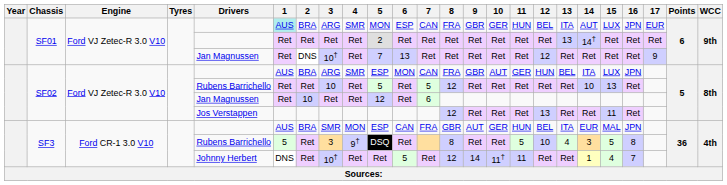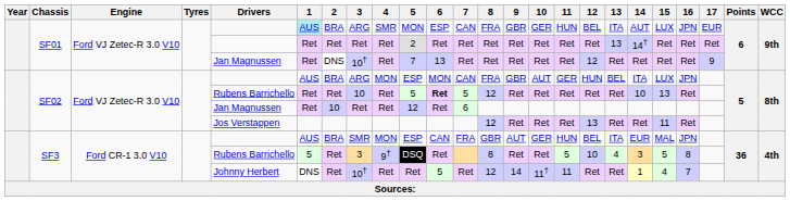 <table class="wikitable" style="text-align:center; font-size:85%">
 <tr>
 <th>Year</th>
 <th>Chassis</th>
 <th>Engine</th>
 <th>Tyres</th>
 <th>Drivers</th>
 <th>1</th>
 <th>2</th>
 <th>3</th>
 <th>4</th>
 <th>5</th>
 <th>6</th>
 <th>7</th>
 <th>8</th>
 <th>9</th>
 <th>10</th>
 <th>11</th>
 <th>12</th>
 <th>13</th>
 <th>14</th>
 <th>15</th>
 <th>16</th>
 <th>17</th>
 <th>Points</th>
 <th>WCC</th>
 </tr>
 <tr>
 <th rowspan="3"></th>
 <td rowspan="3"><a href='#'>SF01</a></td>
 <td rowspan="3"><a href='#'>Ford</a> VJ Zetec-R 3.0 <a href='#'>V10</a></td>
 <td rowspan="3"></td>
 <td></td>
 <td style="background: paleturquoise;"><a href='#'>AUS</a></td>
 <td><a href='#'>BRA</a></td>
 <td><a href='#'>ARG</a></td>
 <td><a href='#'>SMR</a></td>
 <td><a href='#'>MON</a></td>
 <td><a href='#'>ESP</a></td>
 <td><a href='#'>CAN</a></td>
 <td><a href='#'>FRA</a></td>
 <td><a href='#'>GBR</a></td>
 <td><a href='#'>GER</a></td>
 <td><a href='#'>HUN</a></td>
 <td><a href='#'>BEL</a></td>
 <td><a href='#'>ITA</a></td>
 <td><a href='#'>AUT</a></td>
 <td><a href='#'>LUX</a></td>
 <td><a href='#'>JPN</a></td>
 <td><a href='#'>EUR</a></td>
 <th rowspan="3">6</th>
 <th rowspan="3">9th</th>
 </tr>
 <tr>
 <td align="left"></td>
 <td style="background:#EFCFFF;">Ret</td>
 <td style="background:#EFCFFF;">Ret</td>
 <td style="background:#EFCFFF;">Ret</td>
 <td style="background:#EFCFFF;">Ret</td>
 <td style="background:#DFDFDF;">2</td>
 <td style="background:#EFCFFF;">Ret</td>
 <td style="background:#EFCFFF;">Ret</td>
 <td style="background:#EFCFFF;">Ret</td>
 <td style="background:#EFCFFF;">Ret</td>
 <td style="background:#EFCFFF;">Ret</td>
 <td style="background:#EFCFFF;">Ret</td>
 <td style="background:#EFCFFF;">Ret</td>
 <td style="background:#CFCFFF;">13</td>
 <td style="background:#CFCFFF;">14<sup>†</sup></td>
 <td style="background:#EFCFFF;">Ret</td>
 <td style="background:#EFCFFF;">Ret</td>
 <td style="background:#EFCFFF;">Ret</td>
 </tr>
 <tr>
 <td align="left"> <a href='#'>Jan Magnussen</a></td>
 <td style="background:#EFCFFF;">Ret</td>
 <td style="background:#FFFFFF;">DNS</td>
 <td style="background:#CFCFFF;">10<sup>†</sup></td>
 <td style="background:#EFCFFF;">Ret</td>
 <td style="background:#CFCFFF;">7</td>
 <td style="background:#CFCFFF;">13</td>
 <td style="background:#EFCFFF;">Ret</td>
 <td style="background:#EFCFFF;">Ret</td>
 <td style="background:#EFCFFF;">Ret</td>
 <td style="background:#EFCFFF;">Ret</td>
 <td style="background:#EFCFFF;">Ret</td>
 <td style="background:#CFCFFF;">12</td>
 <td style="background:#EFCFFF;">Ret</td>
 <td style="background:#EFCFFF;">Ret</td>
 <td style="background:#EFCFFF;">Ret</td>
 <td style="background:#EFCFFF;">Ret</td>
 <td style="background:#CFCFFF;">9</td>
 </tr>
 <tr>
 <th rowspan="4"></th>
 <td rowspan="4"><a href='#'>SF02</a></td>
 <td rowspan="4"><a href='#'>Ford</a> VJ Zetec-R 3.0 <a href='#'>V10</a></td>
 <td rowspan="4"></td>
 <td></td>
 <td><a href='#'>AUS</a></td>
 <td><a href='#'>BRA</a></td>
 <td><a href='#'>ARG</a></td>
-<td><a href='#'>SMR</a></td>
+<td><a href='#'>MON</a></td>
 <td><a href='#'>ESP</a></td>
 <td><a href='#'>MON</a></td>
 <td><a href='#'>CAN</a></td>
 <td><a href='#'>FRA</a></td>
 <td><a href='#'>GBR</a></td>
 <td><a href='#'>AUT</a></td>
 <td><a href='#'>GER</a></td>
 <td><a href='#'>HUN</a></td>
 <td><a href='#'>BEL</a></td>
 <td><a href='#'>ITA</a></td>
 <td><a href='#'>LUX</a></td>
 <td><a href='#'>JPN</a></td>
 <td></td>
 <th rowspan="4">5</th>
 <th rowspan="4">8th</th>
 </tr>
 <tr>
 <td align="left"> <a href='#'>Rubens Barrichello</a></td>
 <td style="background:#EFCFFF;">Ret</td>
 <td style="background:#EFCFFF;">Ret</td>
 <td style="background:#CFCFFF;">10</td>
 <td style="background:#EFCFFF;">Ret</td>
 <td style="background:#DFFFDF;">5</td>
-<td style="background:#EFCFFF;">Ret</td>
+<td style="background:#EFCFFF;"><strong>Ret</strong></td>
 <td style="background:#DFFFDF;">5</td>
 <td style="background:#CFCFFF;">12</td>
 <td style="background:#EFCFFF;">Ret</td>
 <td style="background:#EFCFFF;">Ret</td>
 <td style="background:#EFCFFF;">Ret</td>
 <td style="background:#EFCFFF;">Ret</td>
 <td style="background:#EFCFFF;">Ret</td>
 <td style="background:#CFCFFF;">10</td>
 <td style="background:#CFCFFF;">13</td>
 <td style="background:#EFCFFF;">Ret</td>
 <td></td>
 </tr>
 <tr>
 <td align="left"> <a href='#'>Jan Magnussen</a></td>
 <td style="background:#EFCFFF;">Ret</td>
 <td style="background:#CFCFFF;">10</td>
 <td style="background:#EFCFFF;">Ret</td>
 <td style="background:#EFCFFF;">Ret</td>
 <td style="background:#CFCFFF;">12</td>
 <td style="background:#EFCFFF;">Ret</td>
 <td style="background:#DFFFDF;">6</td>
 <td></td>
 <td></td>
 <td></td>
 <td></td>
 <td></td>
 <td></td>
 <td></td>
 <td></td>
 <td></td>
 <td></td>
 </tr>
 <tr>
 <td align="left"> <a href='#'>Jos Verstappen</a></td>
 <td></td>
 <td></td>
 <td></td>
 <td></td>
 <td></td>
 <td></td>
 <td></td>
 <td style="background:#CFCFFF;">12</td>
 <td style="background:#EFCFFF;">Ret</td>
 <td style="background:#EFCFFF;">Ret</td>
 <td style="background:#EFCFFF;">Ret</td>
 <td style="background:#CFCFFF;">13</td>
 <td style="background:#EFCFFF;">Ret</td>
 <td style="background:#EFCFFF;">Ret</td>
 <td style="background:#CFCFFF;">11</td>
 <td style="background:#EFCFFF;">Ret</td>
 <td></td>
 </tr>
 <tr>
 <th rowspan="3"></th>
 <td rowspan="3"><a href='#'>SF3</a></td>
 <td rowspan="3"><a href='#'>Ford</a> CR-1 3.0 <a href='#'>V10</a></td>
 <td rowspan="3"></td>
 <td></td>
 <td><a href='#'>AUS</a></td>
 <td><a href='#'>BRA</a></td>
 <td><a href='#'>SMR</a></td>
 <td><a href='#'>MON</a></td>
 <td><a href='#'>ESP</a></td>
 <td><a href='#'>CAN</a></td>
 <td><a href='#'>FRA</a></td>
 <td><a href='#'>GBR</a></td>
 <td><a href='#'>AUT</a></td>
 <td><a href='#'>GER</a></td>
 <td><a href='#'>HUN</a></td>
 <td><a href='#'>BEL</a></td>
 <td><a href='#'>ITA</a></td>
 <td><a href='#'>EUR</a></td>
 <td><a href='#'>MAL</a></td>
 <td><a href='#'>JPN</a></td>
 <td></td>
 <th rowspan="3">36</th>
 <th rowspan="3">4th</th>
 </tr>
 <tr>
 <td align="left"> <a href='#'>Rubens Barrichello</a></td>
 <td style="background:#DFFFDF;">5</td>
 <td style="background:#EFCFFF;">Ret</td>
 <td style="background:#FFDF9F;">3</td>
 <td style="background:#CFCFFF;">9<sup>†</sup></td>
 <td style="background:#000000; color:white">DSQ</td>
 <td style="background:#EFCFFF;">Ret</td>
 <td style="background:#FFDF9F;"></td>
 <td style="background:#CFCFFF;">8</td>
 <td style="background:#EFCFFF;">Ret</td>
 <td style="background:#EFCFFF;">Ret</td>
 <td style="background:#DFFFDF;">5</td>
 <td style="background:#CFCFFF;">10</td>
 <td style="background:#DFFFDF;">4</td>
 <td style="background:#FFDF9F;">3</td>
 <td style="background:#DFFFDF;">5</td>
 <td style="background:#CFCFFF;">8</td>
 <td></td>
 </tr>
 <tr>
 <td align="left"> <a href='#'>Johnny Herbert</a></td>
 <td style="background:#ffffff;">DNS</td>
 <td style="background:#EFCFFF;">Ret</td>
 <td style="background:#CFCFFF;">10<sup>†</sup></td>
 <td style="background:#EFCFFF;">Ret</td>
 <td style="background:#EFCFFF;">Ret</td>
 <td style="background:#DFFFDF;">5</td>
 <td style="background:#EFCFFF;">Ret</td>
 <td style="background:#CFCFFF;">12</td>
 <td style="background:#CFCFFF;">14</td>
 <td style="background:#CFCFFF;">11<sup>†</sup></td>
 <td style="background:#CFCFFF;">11</td>
 <td style="background:#EFCFFF;">Ret</td>
 <td style="background:#EFCFFF;">Ret</td>
 <td style="background:#FFFFBF;">1</td>
 <td style="background:#DFFFDF;">4</td>
 <td style="background:#CFCFFF;">7</td>
 <td></td>
 </tr>
 <tr>
 <th colspan="24">Sources:</th>
 </tr>
 </table>
